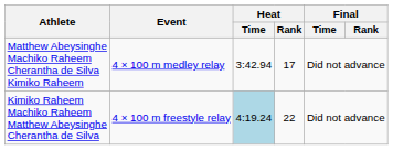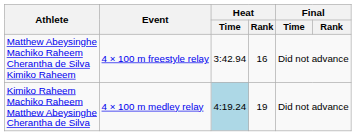 <table class=wikitable style="font-size:90%">
 <tr>
 <th rowspan="2">Athlete</th>
 <th rowspan="2">Event</th>
 <th colspan="2">Heat</th>
 <th colspan="2">Final</th>
 </tr>
 <tr style="font-size:95%">
 <th>Time</th>
 <th>Rank</th>
 <th>Time</th>
 <th>Rank</th>
 </tr>
 <tr align=center>
 <td align=left><a href='#'>Matthew Abeysinghe</a><br><a href='#'>Machiko Raheem</a><br><a href='#'>Cherantha de Silva</a><br><a href='#'>Kimiko Raheem</a></td>
-<td align=left><a href='#'>4 × 100 m medley relay</a></td>
+<td align=left><a href='#'>4 × 100 m freestyle relay</a></td>
 <td>3:42.94</td>
-<td>17</td>
+<td>16</td>
 <td colspan=2>Did not advance</td>
 </tr>
 <tr align=center>
 <td align=left><a href='#'>Kimiko Raheem</a><br><a href='#'>Machiko Raheem</a><br><a href='#'>Matthew Abeysinghe</a><br><a href='#'>Cherantha de Silva</a></td>
-<td align=left><a href='#'>4 × 100 m freestyle relay</a></td>
+<td align=left><a href='#'>4 × 100 m medley relay</a></td>
 <td style="background: lightblue;">4:19.24</td>
-<td>22</td>
+<td>19</td>
 <td colspan=2>Did not advance</td>
 </tr>
 </table>
